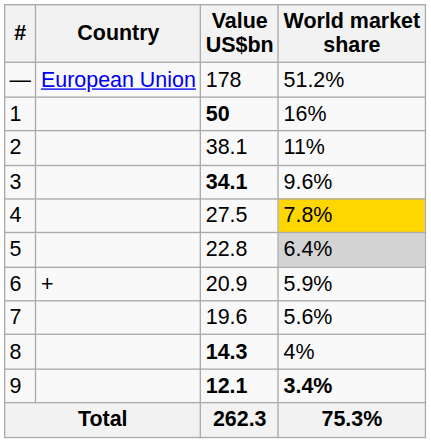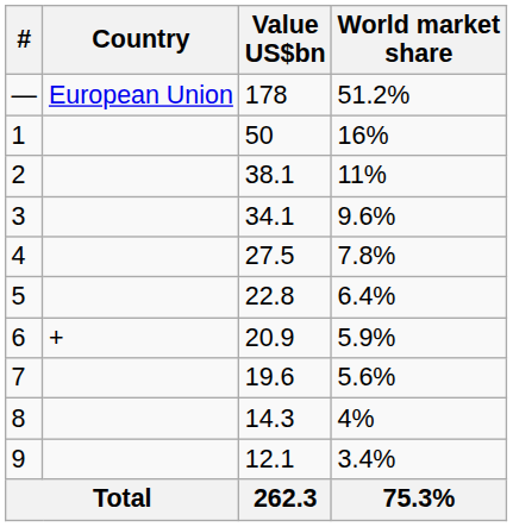 <table class="wikitable sortable plainrowheads" ;">
 <tr>
 <th scope="col">#</th>
 <th scope="col">Country</th>
 <th scope="col">Value<br>US$bn</th>
 <th scope="col">World market<br>share</th>
 </tr>
 <tr>
 <td>—</td>
 <td> <a href='#'>European Union</a></td>
 <td>178</td>
 <td>51.2%</td>
 </tr>
 <tr>
 <td>1</td>
 <td></td>
-<td><strong>50</strong></td>
+<td>50</td>
 <td>16%</td>
 </tr>
 <tr>
 <td>2</td>
 <td></td>
 <td>38.1</td>
 <td>11%</td>
 </tr>
 <tr>
 <td>3</td>
 <td></td>
-<td><strong>34.1</strong></td>
+<td>34.1</td>
 <td>9.6%</td>
 </tr>
 <tr>
 <td>4</td>
 <td></td>
 <td>27.5</td>
-<td style="background: gold;">7.8%</td>
+<td>7.8%</td>
 </tr>
 <tr>
 <td>5</td>
 <td></td>
 <td>22.8</td>
-<td style="background: lightgrey;">6.4%</td>
+<td>6.4%</td>
 </tr>
 <tr>
 <td>6</td>
 <td> + </td>
 <td>20.9</td>
 <td>5.9%</td>
 </tr>
 <tr>
 <td>7</td>
 <td></td>
 <td>19.6</td>
 <td>5.6%</td>
 </tr>
 <tr>
 <td>8</td>
 <td></td>
-<td><strong>14.3</strong></td>
+<td>14.3</td>
 <td>4%</td>
 </tr>
 <tr>
 <td>9</td>
 <td></td>
-<td><strong>12.1</strong></td>
-<td><strong>3.4%</strong></td>
+<td>12.1</td>
+<td>3.4%</td>
 </tr>
 <tr>
 <th colspan=2>Total</th>
 <th>262.3</th>
 <th>75.3%</th>
 </tr>
 </table>
